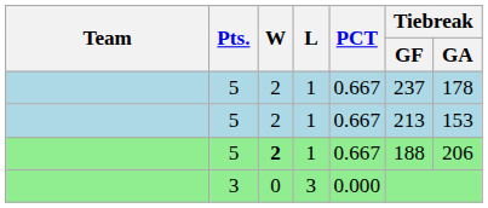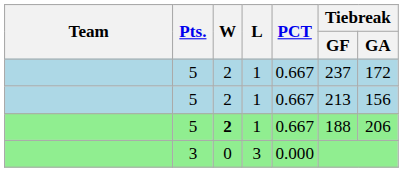 <table class=wikitable>
 <tr align=center>
 <th width=150px rowspan=2>Team</th>
 <th width=30px rowspan=2><a href='#'>Pts.</a></th>
 <th width=20px rowspan=2>W</th>
 <th width=20px rowspan=2>L</th>
 <th rowspan=2><a href='#'>PCT</a></th>
 <th colspan=2>Tiebreak</th>
 </tr>
 <tr align=center>
 <th width=30px>GF</th>
 <th width=30px>GA</th>
 </tr>
 <tr align=center bgcolor="lightblue">
 <td align=left></td>
 <td>5</td>
 <td>2</td>
 <td>1</td>
 <td>0.667</td>
 <td>237</td>
-<td>178</td>
+<td>172</td>
 </tr>
 <tr align=center bgcolor="lightblue">
 <td align=left></td>
 <td>5</td>
 <td>2</td>
 <td>1</td>
 <td>0.667</td>
 <td>213</td>
-<td>153</td>
+<td>156</td>
 </tr>
 <tr align=center bgcolor="lightgreen">
 <td align=left></td>
 <td>5</td>
 <td><strong>2</strong></td>
 <td>1</td>
 <td>0.667</td>
 <td>188</td>
 <td>206</td>
 </tr>
 <tr align=center bgcolor="lightgreen">
 <td align=left></td>
 <td>3</td>
 <td>0</td>
 <td>3</td>
 <td>0.000</td>
 <td colspan=2></td>
 </tr>
 </table>
